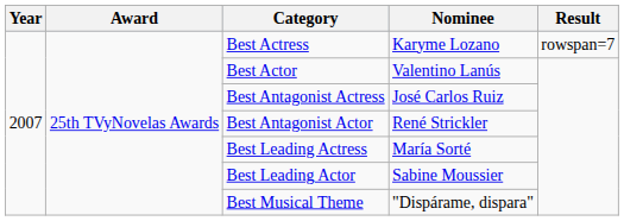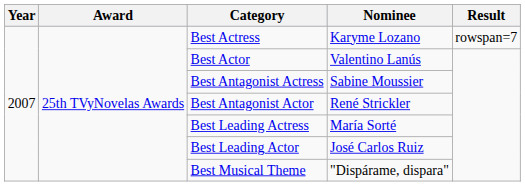 <table class="wikitable">
 <tr style="background:#b0c4de;">
 <th>Year</th>
 <th>Award</th>
 <th>Category</th>
 <th>Nominee</th>
 <th>Result</th>
 </tr>
 <tr>
 <td rowspan=7>2007</td>
 <td rowspan=7><a href='#'>25th TVyNovelas Awards</a></td>
 <td><a href='#'>Best Actress</a></td>
 <td><a href='#'>Karyme Lozano</a></td>
 <td>rowspan=7 </td>
 </tr>
 <tr>
 <td><a href='#'>Best Actor</a></td>
 <td><a href='#'>Valentino Lanús</a></td>
 </tr>
 <tr>
 <td><a href='#'>Best Antagonist Actress</a></td>
-<td><a href='#'>José Carlos Ruiz</a></td>
+<td><a href='#'>Sabine Moussier</a></td>
 </tr>
 <tr>
 <td><a href='#'>Best Antagonist Actor</a></td>
 <td><a href='#'>René Strickler</a></td>
 </tr>
 <tr>
 <td><a href='#'>Best Leading Actress</a></td>
 <td><a href='#'>María Sorté</a></td>
 </tr>
 <tr>
 <td><a href='#'>Best Leading Actor</a></td>
-<td><a href='#'>Sabine Moussier</a></td>
+<td><a href='#'>José Carlos Ruiz</a></td>
 </tr>
 <tr>
 <td><a href='#'>Best Musical Theme</a></td>
 <td>"Dispárame, dispara"</td>
 </tr>
 </table>
